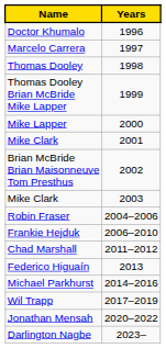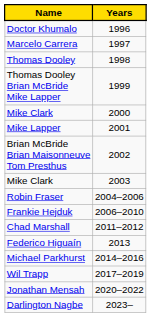 <table class="wikitable sortable" style="text-align:center;">
 <tr>
 <th style="background:#FEDD00; color:#000; border:2px solid #000;">Name</th>
 <th style="background:#FEDD00; color:#000; border:2px solid #000;">Years</th>
 </tr>
 <tr>
 <td align="left"> <a href='#'>Doctor Khumalo</a></td>
 <td>1996</td>
 </tr>
 <tr>
 <td align="left"> <a href='#'>Marcelo Carrera</a></td>
 <td>1997</td>
 </tr>
 <tr>
 <td align="left"> <a href='#'>Thomas Dooley</a></td>
 <td>1998</td>
 </tr>
 <tr>
 <td align="left"> Thomas Dooley<br> <a href='#'>Brian McBride</a><br> <a href='#'>Mike Lapper</a></td>
 <td>1999</td>
 </tr>
 <tr>
-<td align="left"> <a href='#'>Mike Lapper</a></td>
+<td align="left"> <a href='#'>Mike Clark</a></td>
 <td>2000</td>
 </tr>
 <tr>
-<td align="left"> <a href='#'>Mike Clark</a></td>
+<td align="left"> <a href='#'>Mike Lapper</a></td>
 <td>2001</td>
 </tr>
 <tr>
 <td align="left"> Brian McBride<br> <a href='#'>Brian Maisonneuve</a><br> <a href='#'>Tom Presthus</a></td>
 <td>2002</td>
 </tr>
 <tr>
 <td align="left"> Mike Clark</td>
 <td>2003</td>
 </tr>
 <tr>
 <td align="left"> <a href='#'>Robin Fraser</a></td>
 <td>2004–2006</td>
 </tr>
 <tr>
 <td align="left"> <a href='#'>Frankie Hejduk</a></td>
 <td>2006–2010</td>
 </tr>
 <tr>
 <td align="left"> <a href='#'>Chad Marshall</a></td>
 <td>2011–2012</td>
 </tr>
 <tr>
 <td align="left"> <a href='#'>Federico Higuaín</a></td>
 <td>2013</td>
 </tr>
 <tr>
 <td align="left"> <a href='#'>Michael Parkhurst</a></td>
 <td>2014–2016</td>
 </tr>
 <tr>
 <td align="left"> <a href='#'>Wil Trapp</a></td>
 <td>2017–2019</td>
 </tr>
 <tr>
 <td align="left"> <a href='#'>Jonathan Mensah</a></td>
 <td>2020–2022</td>
 </tr>
 <tr>
 <td align="left"> <a href='#'>Darlington Nagbe</a></td>
 <td>2023–</td>
 </tr>
 </table>
